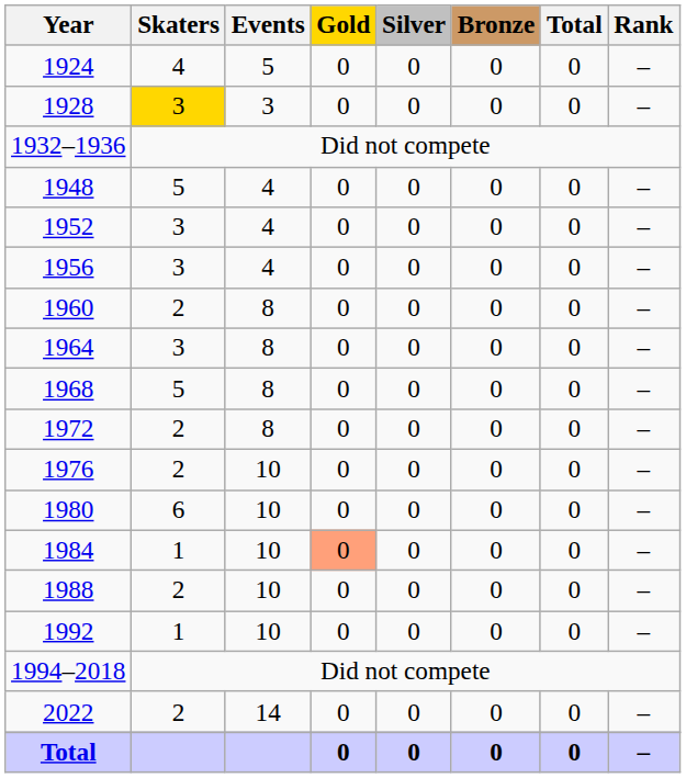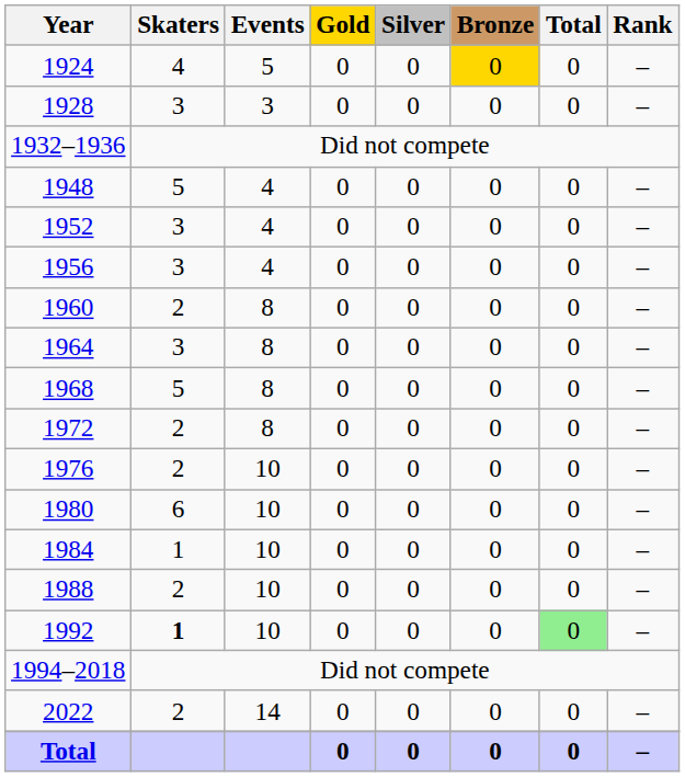 <table class="wikitable sortable collapsible collapsed">
 <tr>
 <th>Year</th>
 <th>Skaters</th>
 <th>Events</th>
 <th style="text-align:center; background-color:gold;"><strong>Gold</strong></th>
 <th style="text-align:center; background-color:silver;"><strong>Silver</strong></th>
 <th style="text-align:center; background-color:#c96;"><strong>Bronze</strong></th>
 <th>Total</th>
 <th>Rank</th>
 </tr>
 <tr style="text-align:center">
 <td><a href='#'>1924</a></td>
 <td>4</td>
 <td>5</td>
 <td>0</td>
 <td>0</td>
-<td>0</td>
+<td style="background: gold;">0</td>
 <td>0</td>
 <td>–</td>
 </tr>
 <tr style="text-align:center">
 <td><a href='#'>1928</a></td>
-<td style="background: gold;">3</td>
+<td>3</td>
 <td>3</td>
 <td>0</td>
 <td>0</td>
 <td>0</td>
 <td>0</td>
 <td>–</td>
 </tr>
 <tr style="text-align:center">
 <td><a href='#'>1932</a>–<a href='#'>1936</a></td>
 <td colspan=7>Did not compete</td>
 </tr>
 <tr style="text-align:center">
 <td><a href='#'>1948</a></td>
 <td>5</td>
 <td>4</td>
 <td>0</td>
 <td>0</td>
 <td>0</td>
 <td>0</td>
 <td>–</td>
 </tr>
 <tr style="text-align:center">
 <td><a href='#'>1952</a></td>
 <td>3</td>
 <td>4</td>
 <td>0</td>
 <td>0</td>
 <td>0</td>
 <td>0</td>
 <td>–</td>
 </tr>
 <tr style="text-align:center">
 <td><a href='#'>1956</a></td>
 <td>3</td>
 <td>4</td>
 <td>0</td>
 <td>0</td>
 <td>0</td>
 <td>0</td>
 <td>–</td>
 </tr>
 <tr style="text-align:center">
 <td><a href='#'>1960</a></td>
 <td>2</td>
 <td>8</td>
 <td>0</td>
 <td>0</td>
 <td>0</td>
 <td>0</td>
 <td>–</td>
 </tr>
 <tr style="text-align:center">
 <td><a href='#'>1964</a></td>
 <td>3</td>
 <td>8</td>
 <td>0</td>
 <td>0</td>
 <td>0</td>
 <td>0</td>
 <td>–</td>
 </tr>
 <tr style="text-align:center">
 <td><a href='#'>1968</a></td>
 <td>5</td>
 <td>8</td>
 <td>0</td>
 <td>0</td>
 <td>0</td>
 <td>0</td>
 <td>–</td>
 </tr>
 <tr style="text-align:center">
 <td><a href='#'>1972</a></td>
 <td>2</td>
 <td>8</td>
 <td>0</td>
 <td>0</td>
 <td>0</td>
 <td>0</td>
 <td>–</td>
 </tr>
 <tr style="text-align:center">
 <td><a href='#'>1976</a></td>
 <td>2</td>
 <td>10</td>
 <td>0</td>
 <td>0</td>
 <td>0</td>
 <td>0</td>
 <td>–</td>
 </tr>
 <tr style="text-align:center">
 <td><a href='#'>1980</a></td>
 <td>6</td>
 <td>10</td>
 <td>0</td>
 <td>0</td>
 <td>0</td>
 <td>0</td>
 <td>–</td>
 </tr>
 <tr style="text-align:center">
 <td><a href='#'>1984</a></td>
 <td>1</td>
 <td>10</td>
-<td style="background: lightsalmon;">0</td>
+<td>0</td>
 <td>0</td>
 <td>0</td>
 <td>0</td>
 <td>–</td>
 </tr>
 <tr style="text-align:center">
 <td><a href='#'>1988</a></td>
 <td>2</td>
 <td>10</td>
 <td>0</td>
 <td>0</td>
 <td>0</td>
 <td>0</td>
 <td>–</td>
 </tr>
 <tr style="text-align:center">
 <td><a href='#'>1992</a></td>
-<td>1</td>
+<td><strong>1</strong></td>
 <td>10</td>
 <td>0</td>
 <td>0</td>
 <td>0</td>
-<td>0</td>
+<td style="background: lightgreen;">0</td>
 <td>–</td>
 </tr>
 <tr style="text-align:center">
 <td><a href='#'>1994</a>–<a href='#'>2018</a></td>
 <td colspan=7>Did not compete</td>
 </tr>
 <tr style="text-align:center">
 <td><a href='#'>2022</a></td>
 <td>2</td>
 <td>14</td>
 <td>0</td>
 <td>0</td>
 <td>0</td>
 <td>0</td>
 <td>–</td>
 </tr>
 <tr style="text-align:center">
 </tr>
 <tr style="text-align:center; background-color:#ccf;">
 <td><strong><a href='#'>Total</a></strong></td>
 <td></td>
 <td></td>
 <td><strong>0</strong></td>
 <td><strong>0</strong></td>
 <td><strong>0</strong></td>
 <td><strong>0</strong></td>
 <td><strong>–</strong></td>
 </tr>
 </table>
